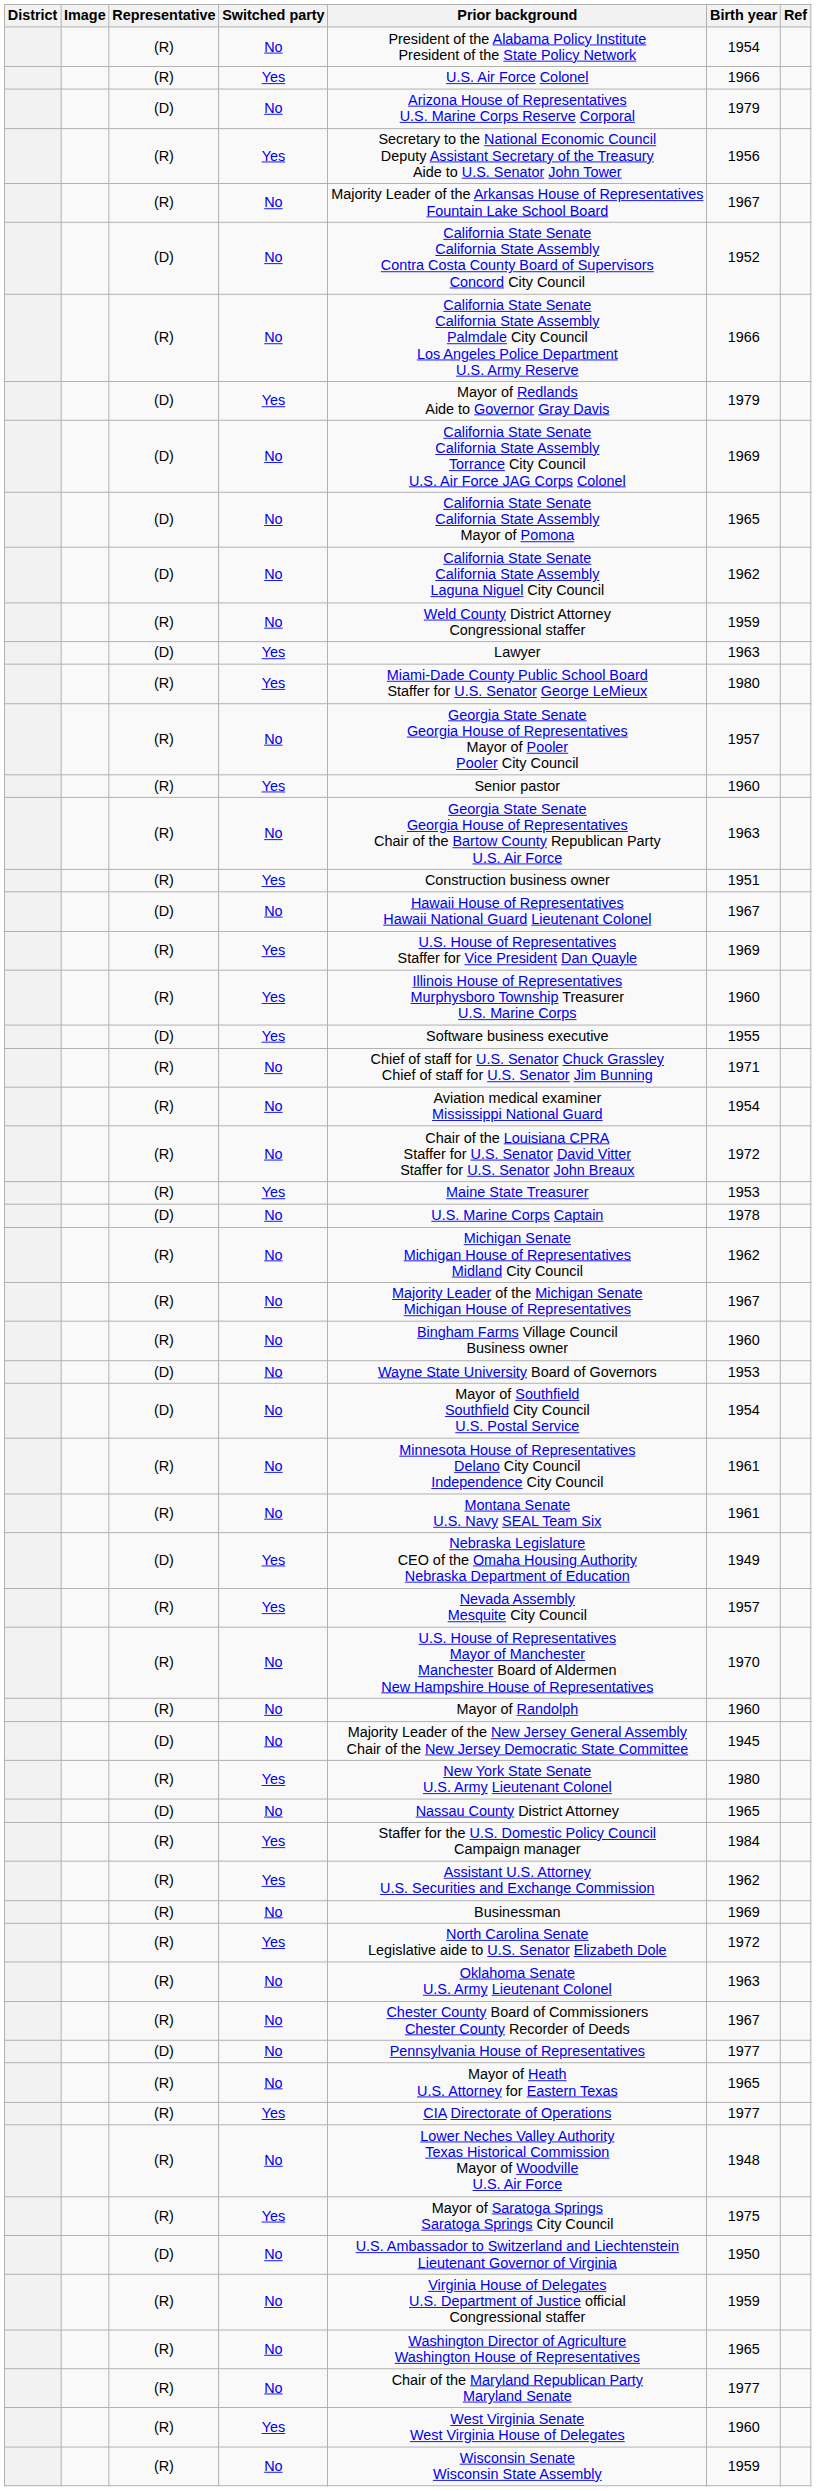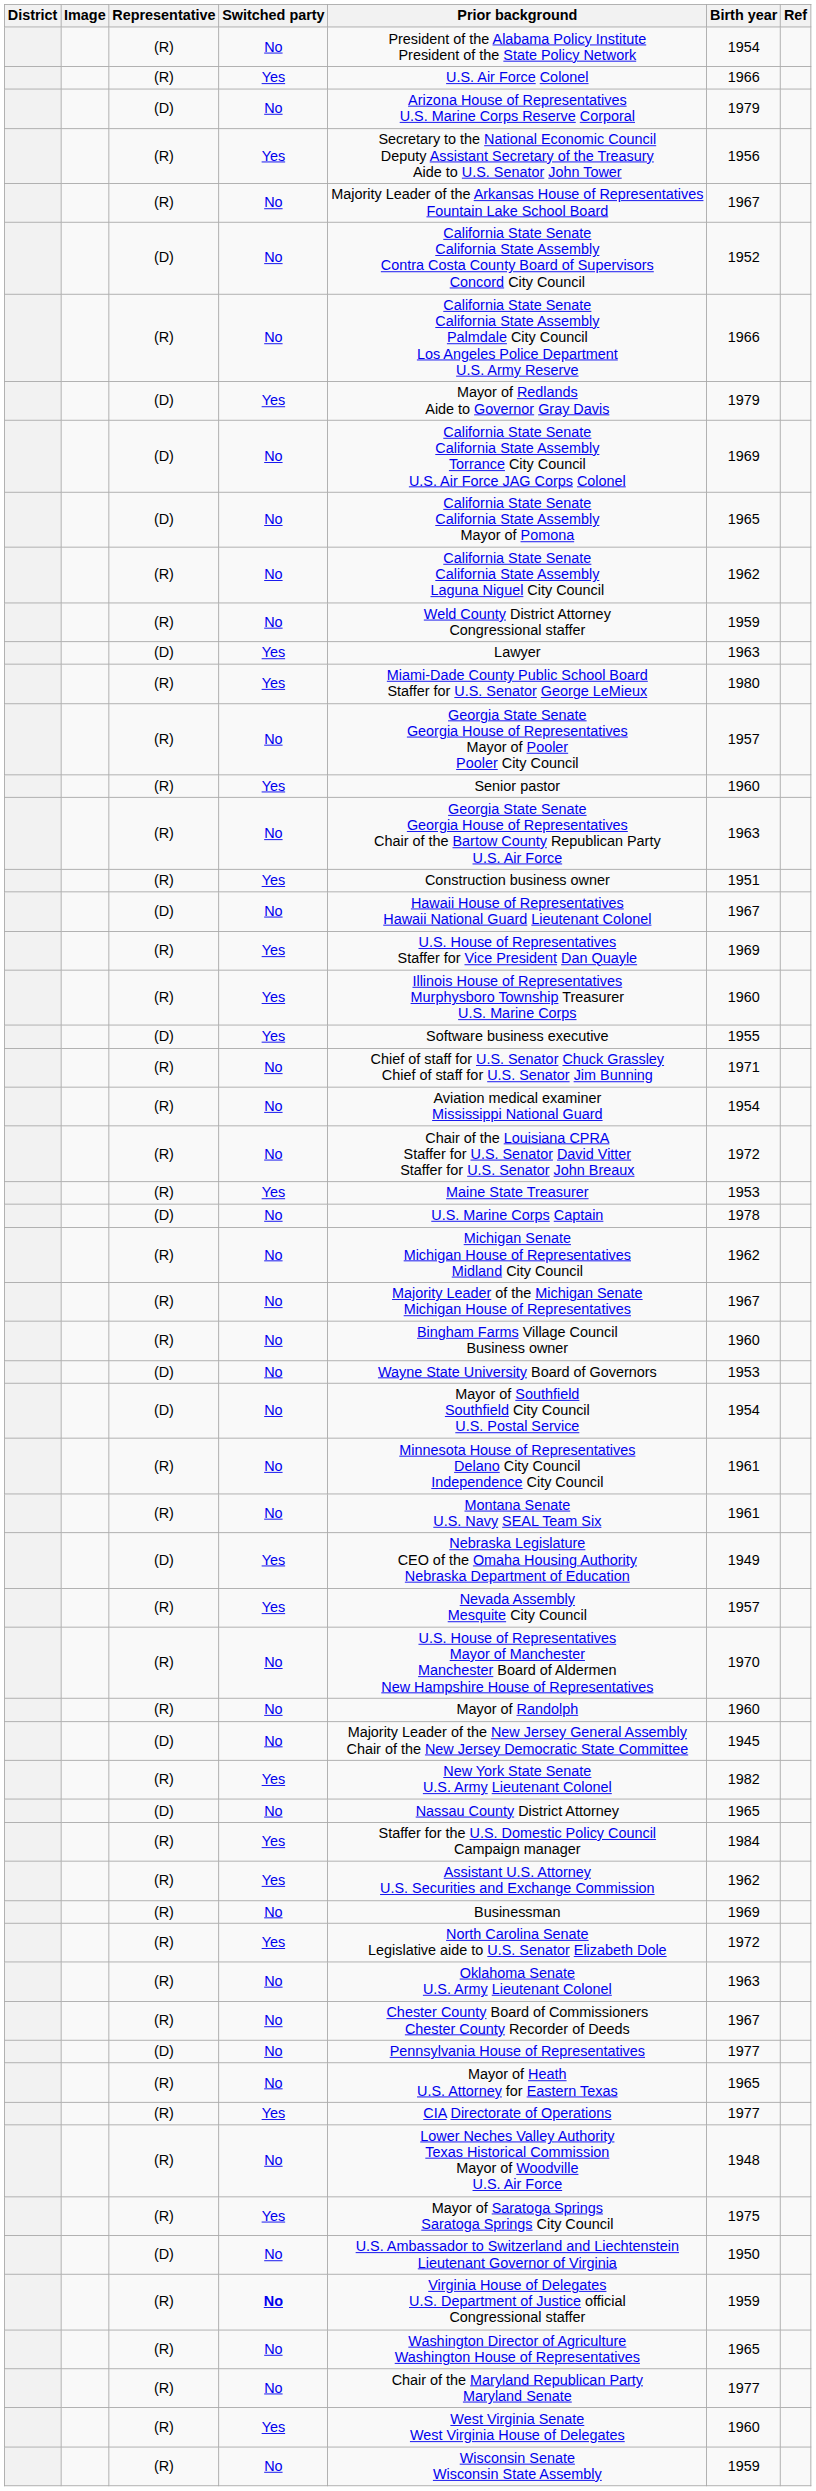 <table class="sortable wikitable" style="text-align:center">
 <tr>
 <th>District</th>
 <th>Image</th>
 <th>Representative</th>
 <th>Switched party</th>
 <th>Prior background</th>
 <th>Birth year</th>
 <th>Ref</th>
 </tr>
 <tr>
 <th></th>
 <td></td>
 <td> (R)</td>
 <td><a href='#'>No</a><br></td>
 <td>President of the <a href='#'>Alabama Policy Institute</a><br>President of the <a href='#'>State Policy Network</a></td>
 <td>1954</td>
 <td></td>
 </tr>
 <tr>
 <th></th>
 <td></td>
 <td> (R)</td>
 <td><a href='#'>Yes</a><br></td>
 <td><a href='#'>U.S. Air Force</a> <a href='#'>Colonel</a></td>
 <td>1966</td>
 <td></td>
 </tr>
 <tr>
 <th></th>
 <td></td>
 <td> (D)</td>
 <td><a href='#'>No</a><br></td>
 <td><a href='#'>Arizona House of Representatives</a><br><a href='#'>U.S. Marine Corps Reserve</a> <a href='#'>Corporal</a></td>
 <td>1979</td>
 <td></td>
 </tr>
 <tr>
 <th></th>
 <td></td>
 <td> (R)</td>
 <td><a href='#'>Yes</a><br></td>
 <td>Secretary to the <a href='#'>National Economic Council</a><br>Deputy <a href='#'>Assistant Secretary of the Treasury</a><br>Aide to <a href='#'>U.S. Senator</a> <a href='#'>John Tower</a></td>
 <td>1956</td>
 <td></td>
 </tr>
 <tr>
 <th></th>
 <td></td>
 <td> (R)</td>
 <td><a href='#'>No</a><br></td>
 <td>Majority Leader of the <a href='#'>Arkansas House of Representatives</a><br><a href='#'>Fountain Lake School Board</a></td>
 <td>1967</td>
 <td></td>
 </tr>
 <tr>
 <th></th>
 <td></td>
 <td> (D)</td>
 <td><a href='#'>No</a><br></td>
 <td><a href='#'>California State Senate</a><br><a href='#'>California State Assembly</a><br><a href='#'>Contra Costa County Board of Supervisors</a><br><a href='#'>Concord</a> City Council</td>
 <td>1952</td>
 <td></td>
 </tr>
 <tr>
 <th></th>
 <td></td>
 <td> (R)</td>
 <td><a href='#'>No</a><br></td>
 <td><a href='#'>California State Senate</a><br><a href='#'>California State Assembly</a><br><a href='#'>Palmdale</a> City Council<br><a href='#'>Los Angeles Police Department</a><br><a href='#'>U.S. Army Reserve</a></td>
 <td>1966</td>
 <td></td>
 </tr>
 <tr>
 <th></th>
 <td></td>
 <td> (D)</td>
 <td><a href='#'>Yes</a><br></td>
 <td>Mayor of <a href='#'>Redlands</a><br>Aide to <a href='#'>Governor</a> <a href='#'>Gray Davis</a></td>
 <td>1979</td>
 <td></td>
 </tr>
 <tr>
 <th></th>
 <td></td>
 <td> (D)</td>
 <td><a href='#'>No</a><br></td>
 <td><a href='#'>California State Senate</a><br><a href='#'>California State Assembly</a><br><a href='#'>Torrance</a> City Council<br><a href='#'>U.S. Air Force JAG Corps</a> <a href='#'>Colonel</a></td>
 <td>1969</td>
 <td></td>
 </tr>
 <tr>
 <th></th>
 <td></td>
 <td> (D)</td>
 <td><a href='#'>No</a><br></td>
 <td><a href='#'>California State Senate</a><br><a href='#'>California State Assembly</a><br>Mayor of <a href='#'>Pomona</a></td>
 <td>1965</td>
 <td></td>
 </tr>
 <tr>
 <th></th>
 <td></td>
-<td> (D)</td>
+<td> (R)</td>
 <td><a href='#'>No</a><br></td>
 <td><a href='#'>California State Senate</a><br><a href='#'>California State Assembly</a><br><a href='#'>Laguna Niguel</a> City Council</td>
 <td>1962</td>
 <td></td>
 </tr>
 <tr>
 <th></th>
 <td></td>
 <td> (R)</td>
 <td><a href='#'>No</a><br></td>
 <td><a href='#'>Weld County</a> District Attorney<br>Congressional staffer</td>
 <td>1959</td>
 <td></td>
 </tr>
 <tr>
 <th></th>
 <td></td>
 <td> (D)</td>
 <td><a href='#'>Yes</a><br></td>
 <td>Lawyer</td>
 <td>1963</td>
 <td></td>
 </tr>
 <tr>
 <th></th>
 <td></td>
 <td> (R)</td>
 <td><a href='#'>Yes</a><br></td>
 <td><a href='#'>Miami-Dade County Public School Board</a><br>Staffer for <a href='#'>U.S. Senator</a> <a href='#'>George LeMieux</a></td>
 <td>1980</td>
 <td></td>
 </tr>
 <tr>
 <th></th>
 <td></td>
 <td> (R)</td>
 <td><a href='#'>No</a><br></td>
 <td><a href='#'>Georgia State Senate</a><br><a href='#'>Georgia House of Representatives</a><br>Mayor of <a href='#'>Pooler</a><br><a href='#'>Pooler</a> City Council</td>
 <td>1957</td>
 <td></td>
 </tr>
 <tr>
 <th></th>
 <td></td>
 <td> (R)</td>
 <td><a href='#'>Yes</a><br></td>
 <td>Senior pastor</td>
 <td>1960</td>
 <td></td>
 </tr>
 <tr>
 <th></th>
 <td></td>
 <td> (R)</td>
 <td><a href='#'>No</a><br></td>
 <td><a href='#'>Georgia State Senate</a><br><a href='#'>Georgia House of Representatives</a><br>Chair of the <a href='#'>Bartow County</a> Republican Party<br><a href='#'>U.S. Air Force</a></td>
 <td>1963</td>
 <td></td>
 </tr>
 <tr>
 <th></th>
 <td></td>
 <td> (R)</td>
 <td><a href='#'>Yes</a><br></td>
 <td>Construction business owner</td>
 <td>1951</td>
 <td></td>
 </tr>
 <tr>
 <th></th>
 <td></td>
 <td> (D)</td>
 <td><a href='#'>No</a><br></td>
 <td><a href='#'>Hawaii House of Representatives</a><br><a href='#'>Hawaii National Guard</a> <a href='#'>Lieutenant Colonel</a></td>
 <td>1967</td>
 <td></td>
 </tr>
 <tr>
 <th></th>
 <td></td>
 <td> (R)</td>
 <td><a href='#'>Yes</a><br></td>
 <td><a href='#'>U.S. House of Representatives</a><br>Staffer for <a href='#'>Vice President</a> <a href='#'>Dan Quayle</a></td>
 <td>1969</td>
 <td></td>
 </tr>
 <tr>
 <th></th>
 <td></td>
 <td> (R)</td>
 <td><a href='#'>Yes</a><br></td>
 <td><a href='#'>Illinois House of Representatives</a><br><a href='#'>Murphysboro Township</a> Treasurer<br><a href='#'>U.S. Marine Corps</a></td>
 <td>1960</td>
 <td></td>
 </tr>
 <tr>
 <th></th>
 <td></td>
 <td> (D)</td>
 <td><a href='#'>Yes</a><br></td>
 <td>Software business executive</td>
 <td>1955</td>
 <td></td>
 </tr>
 <tr>
 <th></th>
 <td></td>
 <td> (R)</td>
 <td><a href='#'>No</a><br></td>
 <td>Chief of staff for <a href='#'>U.S. Senator</a> <a href='#'>Chuck Grassley</a><br>Chief of staff for <a href='#'>U.S. Senator</a> <a href='#'>Jim Bunning</a></td>
 <td>1971</td>
 <td></td>
 </tr>
 <tr>
 <th></th>
 <td></td>
 <td> (R)</td>
 <td><a href='#'>No</a><br></td>
 <td>Aviation medical examiner<br><a href='#'>Mississippi National Guard</a></td>
 <td>1954</td>
 <td></td>
 </tr>
 <tr>
 <th></th>
 <td></td>
 <td> (R)</td>
 <td><a href='#'>No</a><br></td>
 <td>Chair of the <a href='#'>Louisiana CPRA</a><br>Staffer for <a href='#'>U.S. Senator</a> <a href='#'>David Vitter</a><br>Staffer for <a href='#'>U.S. Senator</a> <a href='#'>John Breaux</a></td>
 <td>1972</td>
 <td></td>
 </tr>
 <tr>
 <th></th>
 <td></td>
 <td> (R)</td>
 <td><a href='#'>Yes</a><br></td>
 <td><a href='#'>Maine State Treasurer</a></td>
 <td>1953</td>
 <td></td>
 </tr>
 <tr>
 <th></th>
 <td></td>
 <td> (D)</td>
 <td><a href='#'>No</a><br></td>
 <td><a href='#'>U.S. Marine Corps</a> <a href='#'>Captain</a></td>
 <td>1978</td>
 <td></td>
 </tr>
 <tr>
 <th></th>
 <td></td>
 <td> (R)</td>
 <td><a href='#'>No</a><br></td>
 <td><a href='#'>Michigan Senate</a><br><a href='#'>Michigan House of Representatives</a><br><a href='#'>Midland</a> City Council</td>
 <td>1962</td>
 <td></td>
 </tr>
 <tr>
 <th></th>
 <td></td>
 <td> (R)</td>
 <td><a href='#'>No</a><br></td>
 <td><a href='#'>Majority Leader</a> of the <a href='#'>Michigan Senate</a><br><a href='#'>Michigan House of Representatives</a></td>
 <td>1967</td>
 <td></td>
 </tr>
 <tr>
 <th></th>
 <td></td>
 <td> (R)</td>
 <td><a href='#'>No</a><br></td>
 <td><a href='#'>Bingham Farms</a> Village Council<br>Business owner</td>
 <td>1960</td>
 <td></td>
 </tr>
 <tr>
 <th></th>
 <td></td>
 <td> (D)</td>
 <td><a href='#'>No</a><br></td>
 <td><a href='#'>Wayne State University</a> Board of Governors</td>
 <td>1953</td>
 <td></td>
 </tr>
 <tr>
 <th></th>
 <td></td>
 <td> (D)</td>
 <td><a href='#'>No</a><br></td>
 <td>Mayor of <a href='#'>Southfield</a><br><a href='#'>Southfield</a> City Council<br><a href='#'>U.S. Postal Service</a></td>
 <td>1954</td>
 <td></td>
 </tr>
 <tr>
 <th></th>
 <td></td>
 <td> (R)</td>
 <td><a href='#'>No</a><br></td>
 <td><a href='#'>Minnesota House of Representatives</a><br><a href='#'>Delano</a> City Council<br><a href='#'>Independence</a> City Council</td>
 <td>1961</td>
 <td></td>
 </tr>
 <tr>
 <th></th>
 <td></td>
 <td> (R)</td>
 <td><a href='#'>No</a><br></td>
 <td><a href='#'>Montana Senate</a><br><a href='#'>U.S. Navy</a> <a href='#'>SEAL Team Six</a></td>
 <td>1961</td>
 <td></td>
 </tr>
 <tr>
 <th></th>
 <td></td>
 <td> (D)</td>
 <td><a href='#'>Yes</a><br></td>
 <td><a href='#'>Nebraska Legislature</a><br>CEO of the <a href='#'>Omaha Housing Authority</a><br><a href='#'>Nebraska Department of Education</a></td>
 <td>1949</td>
 <td></td>
 </tr>
 <tr>
 <th></th>
 <td></td>
 <td> (R)</td>
 <td><a href='#'>Yes</a><br></td>
 <td><a href='#'>Nevada Assembly</a><br><a href='#'>Mesquite</a> City Council</td>
 <td>1957</td>
 <td></td>
 </tr>
 <tr>
 <th></th>
 <td></td>
 <td> (R)</td>
 <td><a href='#'>No</a><br></td>
 <td><a href='#'>U.S. House of Representatives</a><br><a href='#'>Mayor of Manchester</a><br><a href='#'>Manchester</a> Board of Aldermen<br><a href='#'>New Hampshire House of Representatives</a></td>
 <td>1970</td>
 <td></td>
 </tr>
 <tr>
 <th></th>
 <td></td>
 <td> (R)</td>
 <td><a href='#'>No</a><br></td>
 <td>Mayor of <a href='#'>Randolph</a></td>
 <td>1960</td>
 <td></td>
 </tr>
 <tr>
 <th></th>
 <td></td>
 <td> (D)</td>
 <td><a href='#'>No</a><br></td>
 <td>Majority Leader of the <a href='#'>New Jersey General Assembly</a><br>Chair of the <a href='#'>New Jersey Democratic State Committee</a></td>
 <td>1945</td>
 <td></td>
 </tr>
 <tr>
 <th></th>
 <td></td>
 <td> (R)</td>
 <td><a href='#'>Yes</a><br></td>
 <td><a href='#'>New York State Senate</a><br><a href='#'>U.S. Army</a> <a href='#'>Lieutenant Colonel</a></td>
-<td>1980</td>
+<td>1982</td>
 <td></td>
 </tr>
 <tr>
 <th></th>
 <td></td>
 <td> (D)</td>
 <td><a href='#'>No</a><br></td>
 <td><a href='#'>Nassau County</a> District Attorney</td>
 <td>1965</td>
 <td></td>
 </tr>
 <tr>
 <th></th>
 <td></td>
 <td> (R)</td>
 <td><a href='#'>Yes</a><br></td>
 <td>Staffer for the <a href='#'>U.S. Domestic Policy Council</a><br>Campaign manager</td>
 <td>1984</td>
 <td></td>
 </tr>
 <tr>
 <th></th>
 <td></td>
 <td> (R)</td>
 <td><a href='#'>Yes</a><br></td>
 <td><a href='#'>Assistant U.S. Attorney</a><br><a href='#'>U.S. Securities and Exchange Commission</a></td>
 <td>1962</td>
 <td></td>
 </tr>
 <tr>
 <th></th>
 <td></td>
 <td> (R)</td>
 <td><a href='#'>No</a><br></td>
 <td>Businessman</td>
 <td>1969</td>
 <td></td>
 </tr>
 <tr>
 <th></th>
 <td></td>
 <td> (R)</td>
 <td><a href='#'>Yes</a><br></td>
 <td><a href='#'>North Carolina Senate</a><br>Legislative aide to <a href='#'>U.S. Senator</a> <a href='#'>Elizabeth Dole</a></td>
 <td>1972</td>
 <td></td>
 </tr>
 <tr>
 <th></th>
 <td></td>
 <td> (R)</td>
 <td><a href='#'>No</a><br></td>
 <td><a href='#'>Oklahoma Senate</a><br><a href='#'>U.S. Army</a> <a href='#'>Lieutenant Colonel</a></td>
 <td>1963</td>
 <td></td>
 </tr>
 <tr>
 <th></th>
 <td></td>
 <td> (R)</td>
 <td><a href='#'>No</a><br></td>
 <td><a href='#'>Chester County</a> Board of Commissioners<br><a href='#'>Chester County</a> Recorder of Deeds</td>
 <td>1967</td>
 <td></td>
 </tr>
 <tr>
 <th></th>
 <td></td>
 <td> (D)</td>
 <td><a href='#'>No</a><br></td>
 <td><a href='#'>Pennsylvania House of Representatives</a></td>
 <td>1977</td>
 <td></td>
 </tr>
 <tr>
 <th></th>
 <td></td>
 <td> (R)</td>
 <td><a href='#'>No</a><br></td>
 <td>Mayor of <a href='#'>Heath</a><br><a href='#'>U.S. Attorney</a> for <a href='#'>Eastern Texas</a></td>
 <td>1965</td>
 <td></td>
 </tr>
 <tr>
 <th></th>
 <td></td>
 <td> (R)</td>
 <td><a href='#'>Yes</a><br></td>
 <td><a href='#'>CIA</a> <a href='#'>Directorate of Operations</a></td>
 <td>1977</td>
 <td></td>
 </tr>
 <tr>
 <th></th>
 <td></td>
 <td> (R)</td>
 <td><a href='#'>No</a><br></td>
 <td><a href='#'>Lower Neches Valley Authority</a><br><a href='#'>Texas Historical Commission</a><br>Mayor of <a href='#'>Woodville</a><br><a href='#'>U.S. Air Force</a></td>
 <td>1948</td>
 <td></td>
 </tr>
 <tr>
 <th></th>
 <td></td>
 <td> (R)</td>
 <td><a href='#'>Yes</a><br></td>
 <td>Mayor of <a href='#'>Saratoga Springs</a><br><a href='#'>Saratoga Springs</a> City Council</td>
 <td>1975</td>
 <td></td>
 </tr>
 <tr>
 <th></th>
 <td></td>
 <td> (D)</td>
 <td><a href='#'>No</a><br></td>
 <td><a href='#'>U.S. Ambassador to Switzerland and Liechtenstein</a><br><a href='#'>Lieutenant Governor of Virginia</a></td>
 <td>1950</td>
 <td></td>
 </tr>
 <tr>
 <th></th>
 <td></td>
 <td> (R)</td>
-<td><a href='#'>No</a><br></td>
+<td><strong><a href='#'>No</a><br></strong></td>
 <td><a href='#'>Virginia House of Delegates</a><br><a href='#'>U.S. Department of Justice</a> official<br>Congressional staffer</td>
 <td>1959</td>
 <td></td>
 </tr>
 <tr>
 <th></th>
 <td></td>
 <td> (R)</td>
 <td><a href='#'>No</a><br></td>
 <td><a href='#'>Washington Director of Agriculture</a><br><a href='#'>Washington House of Representatives</a></td>
 <td>1965</td>
 <td></td>
 </tr>
 <tr>
 <th></th>
 <td></td>
 <td> (R)</td>
 <td><a href='#'>No</a><br></td>
 <td>Chair of the <a href='#'>Maryland Republican Party</a><br><a href='#'>Maryland Senate</a></td>
 <td>1977</td>
 <td></td>
 </tr>
 <tr>
 <th></th>
 <td></td>
 <td> (R)</td>
 <td><a href='#'>Yes</a><br></td>
 <td><a href='#'>West Virginia Senate</a><br><a href='#'>West Virginia House of Delegates</a></td>
 <td>1960</td>
 <td></td>
 </tr>
 <tr>
 <th></th>
 <td></td>
 <td> (R)</td>
 <td><a href='#'>No</a><br></td>
 <td><a href='#'>Wisconsin Senate</a><br><a href='#'>Wisconsin State Assembly</a></td>
 <td>1959</td>
 <td></td>
 </tr>
 </table>
